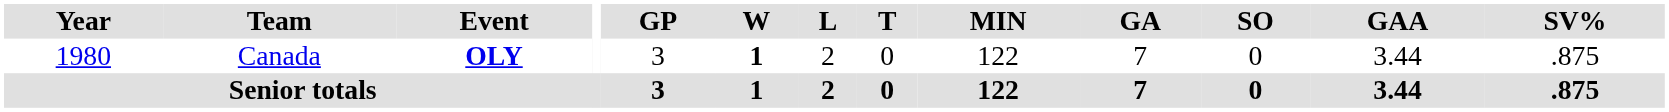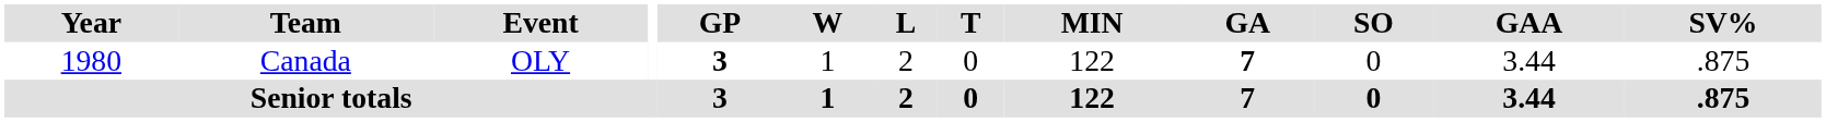 <table border="0" cellpadding="1" cellspacing="0" ID="Table3" style="text-align:center; width:60em">
 <tr ALIGN="center" bgcolor="#e0e0e0">
 <th>Year</th>
 <th>Team</th>
 <th>Event</th>
 <th rowspan="99" bgcolor="#ffffff"></th>
 <th>GP</th>
 <th>W</th>
 <th>L</th>
 <th>T</th>
 <th>MIN</th>
 <th>GA</th>
 <th>SO</th>
 <th>GAA</th>
 <th>SV%</th>
 </tr>
 <tr>
 <td><a href='#'>1980</a></td>
 <td><a href='#'>Canada</a></td>
-<td><strong><a href='#'>OLY</a></strong></td>
-<td>3</td>
-<td><strong>1</strong></td>
+<td><a href='#'>OLY</a></td>
+<td><strong>3</strong></td>
+<td>1</td>
 <td>2</td>
 <td>0</td>
 <td>122</td>
-<td>7</td>
+<td><strong>7</strong></td>
 <td>0</td>
 <td>3.44</td>
 <td>.875</td>
 </tr>
 <tr bgcolor="#e0e0e0">
 <th colspan=4>Senior totals</th>
 <th>3</th>
 <th>1</th>
 <th>2</th>
 <th>0</th>
 <th>122</th>
 <th>7</th>
 <th>0</th>
 <th>3.44</th>
 <th>.875</th>
 </tr>
 </table>
